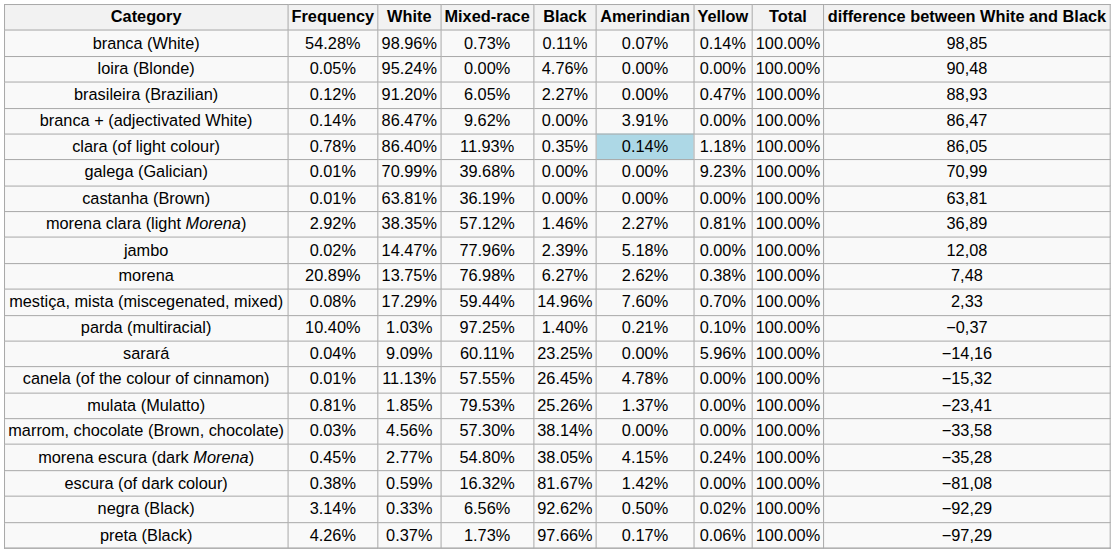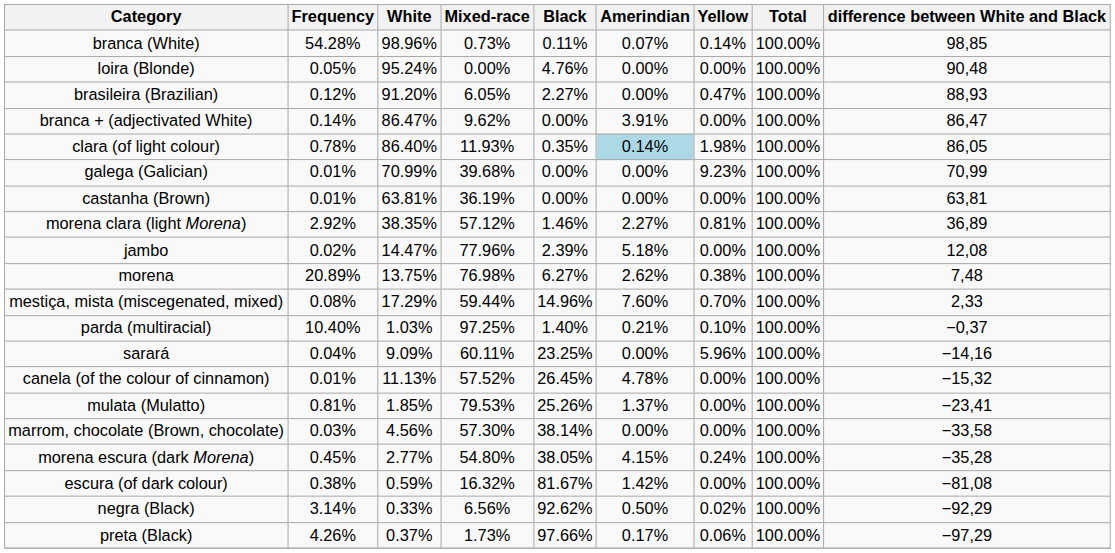 <table class="wikitable" style="text-align:center">
 <tr>
 <th>Category</th>
 <th>Frequency</th>
 <th>White</th>
 <th>Mixed-race</th>
 <th>Black</th>
 <th>Amerindian</th>
 <th>Yellow</th>
 <th>Total</th>
 <th>difference between White and Black</th>
 </tr>
 <tr align="right”">
 <td>branca (White)</td>
 <td>54.28%</td>
 <td>98.96%</td>
 <td>0.73%</td>
 <td>0.11%</td>
 <td>0.07%</td>
 <td>0.14%</td>
 <td>100.00%</td>
 <td>98,85</td>
 </tr>
 <tr align="right”">
 <td>loira (Blonde)</td>
 <td>0.05%</td>
 <td>95.24%</td>
 <td>0.00%</td>
 <td>4.76%</td>
 <td>0.00%</td>
 <td>0.00%</td>
 <td>100.00%</td>
 <td>90,48</td>
 </tr>
 <tr align="right”">
 <td>brasileira (Brazilian)</td>
 <td>0.12%</td>
 <td>91.20%</td>
 <td>6.05%</td>
 <td>2.27%</td>
 <td>0.00%</td>
 <td>0.47%</td>
 <td>100.00%</td>
 <td>88,93</td>
 </tr>
 <tr align="right”">
 <td>branca + (adjectivated White)</td>
 <td>0.14%</td>
 <td>86.47%</td>
 <td>9.62%</td>
 <td>0.00%</td>
 <td>3.91%</td>
 <td>0.00%</td>
 <td>100.00%</td>
 <td>86,47</td>
 </tr>
 <tr align="right”">
 <td>clara (of light colour)</td>
 <td>0.78%</td>
 <td>86.40%</td>
 <td>11.93%</td>
 <td>0.35%</td>
 <td style="background: lightblue;">0.14%</td>
-<td>1.18%</td>
+<td>1.98%</td>
 <td>100.00%</td>
 <td>86,05</td>
 </tr>
 <tr align="right”">
 <td>galega (Galician)</td>
 <td>0.01%</td>
 <td>70.99%</td>
 <td>39.68%</td>
 <td>0.00%</td>
 <td>0.00%</td>
 <td>9.23%</td>
 <td>100.00%</td>
 <td>70,99</td>
 </tr>
 <tr align="right”">
 <td>castanha (Brown)</td>
 <td>0.01%</td>
 <td>63.81%</td>
 <td>36.19%</td>
 <td>0.00%</td>
 <td>0.00%</td>
 <td>0.00%</td>
 <td>100.00%</td>
 <td>63,81</td>
 </tr>
 <tr align="right”">
 <td>morena clara (light <em>Morena</em>)</td>
 <td>2.92%</td>
 <td>38.35%</td>
 <td>57.12%</td>
 <td>1.46%</td>
 <td>2.27%</td>
 <td>0.81%</td>
 <td>100.00%</td>
 <td>36,89</td>
 </tr>
 <tr align="right”">
 <td>jambo</td>
 <td>0.02%</td>
 <td>14.47%</td>
 <td>77.96%</td>
 <td>2.39%</td>
 <td>5.18%</td>
 <td>0.00%</td>
 <td>100.00%</td>
 <td>12,08</td>
 </tr>
 <tr align="right”">
 <td>morena</td>
 <td>20.89%</td>
 <td>13.75%</td>
 <td>76.98%</td>
 <td>6.27%</td>
 <td>2.62%</td>
 <td>0.38%</td>
 <td>100.00%</td>
 <td>7,48</td>
 </tr>
 <tr align="right”">
 <td>mestiça, mista (miscegenated, mixed)</td>
 <td>0.08%</td>
 <td>17.29%</td>
 <td>59.44%</td>
 <td>14.96%</td>
 <td>7.60%</td>
 <td>0.70%</td>
 <td>100.00%</td>
 <td>2,33</td>
 </tr>
 <tr align="right”">
 <td>parda (multiracial)</td>
 <td>10.40%</td>
 <td>1.03%</td>
 <td>97.25%</td>
 <td>1.40%</td>
 <td>0.21%</td>
 <td>0.10%</td>
 <td>100.00%</td>
 <td>−0,37</td>
 </tr>
 <tr align="right”">
 <td>sarará</td>
 <td>0.04%</td>
 <td>9.09%</td>
 <td>60.11%</td>
 <td>23.25%</td>
 <td>0.00%</td>
 <td>5.96%</td>
 <td>100.00%</td>
 <td>−14,16</td>
 </tr>
 <tr align="right”">
 <td>canela (of the colour of cinnamon)</td>
 <td>0.01%</td>
 <td>11.13%</td>
-<td>57.55%</td>
+<td>57.52%</td>
 <td>26.45%</td>
 <td>4.78%</td>
 <td>0.00%</td>
 <td>100.00%</td>
 <td>−15,32</td>
 </tr>
 <tr align="right”">
 <td>mulata (Mulatto)</td>
 <td>0.81%</td>
 <td>1.85%</td>
 <td>79.53%</td>
 <td>25.26%</td>
 <td>1.37%</td>
 <td>0.00%</td>
 <td>100.00%</td>
 <td>−23,41</td>
 </tr>
 <tr align="right”">
 <td>marrom, chocolate (Brown, chocolate)</td>
 <td>0.03%</td>
 <td>4.56%</td>
 <td>57.30%</td>
 <td>38.14%</td>
 <td>0.00%</td>
 <td>0.00%</td>
 <td>100.00%</td>
 <td>−33,58</td>
 </tr>
 <tr align="right”">
 <td>morena escura (dark <em>Morena</em>)</td>
 <td>0.45%</td>
 <td>2.77%</td>
 <td>54.80%</td>
 <td>38.05%</td>
 <td>4.15%</td>
 <td>0.24%</td>
 <td>100.00%</td>
 <td>−35,28</td>
 </tr>
 <tr align="right”">
 <td>escura (of dark colour)</td>
 <td>0.38%</td>
 <td>0.59%</td>
 <td>16.32%</td>
 <td>81.67%</td>
 <td>1.42%</td>
 <td>0.00%</td>
 <td>100.00%</td>
 <td>−81,08</td>
 </tr>
 <tr align="right”">
 <td>negra (Black)</td>
 <td>3.14%</td>
 <td>0.33%</td>
 <td>6.56%</td>
 <td>92.62%</td>
 <td>0.50%</td>
 <td>0.02%</td>
 <td>100.00%</td>
 <td>−92,29</td>
 </tr>
 <tr align="right”">
 <td>preta (Black)</td>
 <td>4.26%</td>
 <td>0.37%</td>
 <td>1.73%</td>
 <td>97.66%</td>
 <td>0.17%</td>
 <td>0.06%</td>
 <td>100.00%</td>
 <td>−97,29</td>
 </tr>
 <tr align="right”">
 </tr>
 <tr>
 </tr>
 </table>
